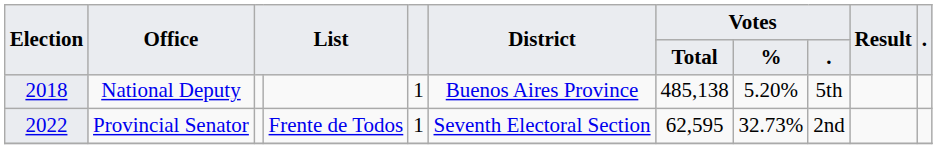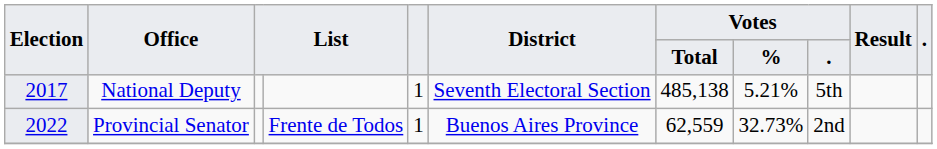 <table class="wikitable" style="font-size:90%; text-align:center;">
 <tr>
 <th style="background-color:#EAECF0;" rowspan=2>Election</th>
 <th style="background-color:#EAECF0;" rowspan=2>Office</th>
 <th style="background-color:#EAECF0;" colspan=2 rowspan=2>List</th>
 <th style="background-color:#EAECF0;" rowspan=2></th>
 <th style="background-color:#EAECF0;" rowspan=2>District</th>
 <th style="background-color:#EAECF0;" colspan=3>Votes</th>
 <th style="background-color:#EAECF0;" rowspan=2>Result</th>
 <th style="background-color:#EAECF0;" rowspan=2>.</th>
 </tr>
 <tr>
 <th style="background-color:#EAECF0;">Total</th>
 <th style="background-color:#EAECF0;">%</th>
 <th style="background-color:#EAECF0;">.</th>
 </tr>
 <tr>
-<td style="background-color:#EAECF0;"><a href='#'>2018</a></td>
+<td style="background-color:#EAECF0;"><a href='#'>2017</a></td>
 <td><a href='#'>National Deputy</a></td>
 <td style="background-color:"></td>
 <td></td>
 <td>1</td>
-<td><a href='#'>Buenos Aires Province</a></td>
+<td><a href='#'>Seventh Electoral Section</a></td>
 <td>485,138</td>
-<td>5.20%</td>
+<td>5.21%</td>
 <td>5th</td>
 <td></td>
 <td></td>
 </tr>
 <tr>
 <td style="background-color:#EAECF0;"><a href='#'>2022</a></td>
 <td><a href='#'>Provincial Senator</a></td>
 <td style="background-color:"></td>
 <td><a href='#'>Frente de Todos</a></td>
 <td>1</td>
-<td><a href='#'>Seventh Electoral Section</a></td>
-<td>62,595</td>
+<td><a href='#'>Buenos Aires Province</a></td>
+<td>62,559</td>
 <td>32.73%</td>
 <td>2nd</td>
 <td></td>
 <td></td>
 </tr>
 <tr>
 </tr>
 </table>
